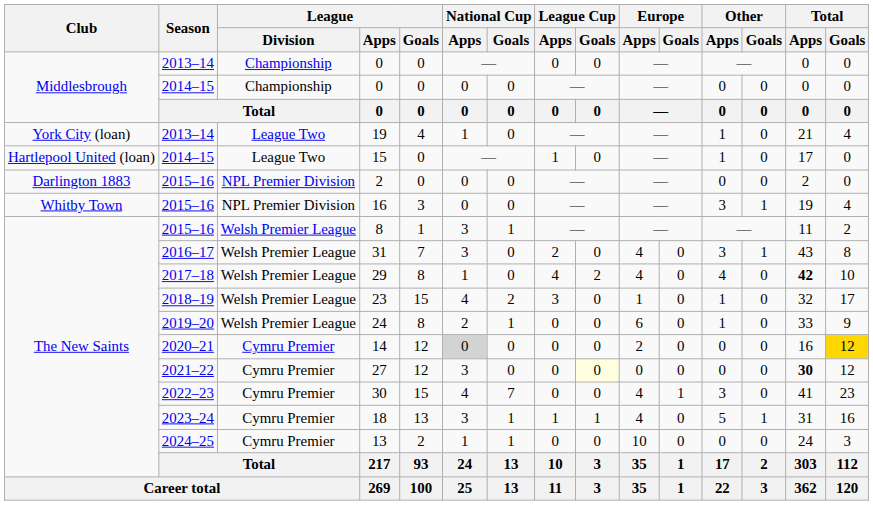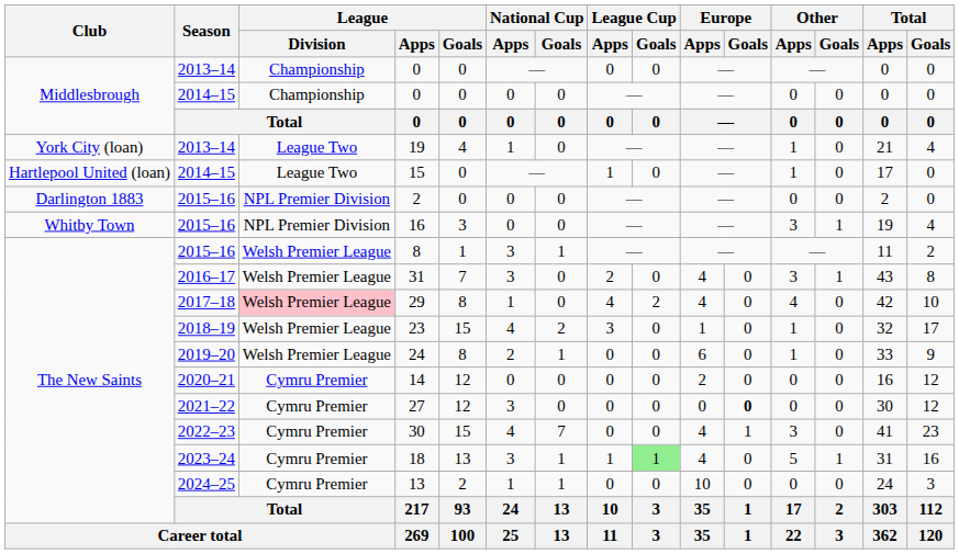 <table class=wikitable style="text-align: center">
 <tr>
 <th rowspan=2>Club</th>
 <th rowspan=2>Season</th>
 <th colspan=3>League</th>
 <th colspan=2>National Cup</th>
 <th colspan=2>League Cup</th>
 <th colspan=2>Europe</th>
 <th colspan=2>Other</th>
 <th colspan=2>Total</th>
 </tr>
 <tr>
 <th>Division</th>
 <th>Apps</th>
 <th>Goals</th>
 <th>Apps</th>
 <th>Goals</th>
 <th>Apps</th>
 <th>Goals</th>
 <th>Apps</th>
 <th>Goals</th>
 <th>Apps</th>
 <th>Goals</th>
 <th>Apps</th>
 <th>Goals</th>
 </tr>
 <tr>
 <td rowspan=3><a href='#'>Middlesbrough</a></td>
 <td><a href='#'>2013–14</a></td>
 <td><a href='#'>Championship</a></td>
 <td>0</td>
 <td>0</td>
 <td colspan=2>—</td>
 <td>0</td>
 <td>0</td>
 <td colspan=2>—</td>
 <td colspan=2>—</td>
 <td>0</td>
 <td>0</td>
 </tr>
 <tr>
 <td><a href='#'>2014–15</a></td>
 <td>Championship</td>
 <td>0</td>
 <td>0</td>
 <td>0</td>
 <td>0</td>
 <td colspan=2>—</td>
 <td colspan=2>—</td>
 <td>0</td>
 <td>0</td>
 <td>0</td>
 <td>0</td>
 </tr>
 <tr>
 <th colspan=2>Total</th>
 <th>0</th>
 <th>0</th>
 <th>0</th>
 <th>0</th>
 <th>0</th>
 <th>0</th>
 <th colspan=2>—</th>
 <th>0</th>
 <th>0</th>
 <th>0</th>
 <th>0</th>
 </tr>
 <tr>
 <td><a href='#'>York City</a> (loan)</td>
 <td><a href='#'>2013–14</a></td>
 <td><a href='#'>League Two</a></td>
 <td>19</td>
 <td>4</td>
 <td>1</td>
 <td>0</td>
 <td colspan=2>—</td>
 <td colspan=2>—</td>
 <td>1</td>
 <td>0</td>
 <td>21</td>
 <td>4</td>
 </tr>
 <tr>
 <td><a href='#'>Hartlepool United</a> (loan)</td>
 <td><a href='#'>2014–15</a></td>
 <td>League Two</td>
 <td>15</td>
 <td>0</td>
 <td colspan=2>—</td>
 <td>1</td>
 <td>0</td>
 <td colspan=2>—</td>
 <td>1</td>
 <td>0</td>
 <td>17</td>
 <td>0</td>
 </tr>
 <tr>
 <td><a href='#'>Darlington 1883</a></td>
 <td><a href='#'>2015–16</a></td>
 <td><a href='#'>NPL Premier Division</a></td>
 <td>2</td>
 <td>0</td>
 <td>0</td>
 <td>0</td>
 <td colspan=2>—</td>
 <td colspan=2>—</td>
 <td>0</td>
 <td>0</td>
 <td>2</td>
 <td>0</td>
 </tr>
 <tr>
 <td><a href='#'>Whitby Town</a></td>
 <td><a href='#'>2015–16</a></td>
 <td>NPL Premier Division</td>
 <td>16</td>
 <td>3</td>
 <td>0</td>
 <td>0</td>
 <td colspan=2>—</td>
 <td colspan=2>—</td>
 <td>3</td>
 <td>1</td>
 <td>19</td>
 <td>4</td>
 </tr>
 <tr>
 <td rowspan=11><a href='#'>The New Saints</a></td>
 <td><a href='#'>2015–16</a></td>
 <td><a href='#'>Welsh Premier League</a></td>
 <td>8</td>
 <td>1</td>
 <td>3</td>
 <td>1</td>
 <td colspan=2>—</td>
 <td colspan=2>—</td>
 <td colspan=2>—</td>
 <td>11</td>
 <td>2</td>
 </tr>
 <tr>
 <td><a href='#'>2016–17</a></td>
 <td>Welsh Premier League</td>
 <td>31</td>
 <td>7</td>
 <td>3</td>
 <td>0</td>
 <td>2</td>
 <td>0</td>
 <td>4</td>
 <td>0</td>
 <td>3</td>
 <td>1</td>
 <td>43</td>
 <td>8</td>
 </tr>
 <tr>
 <td><a href='#'>2017–18</a></td>
-<td>Welsh Premier League</td>
+<td style="background: pink;">Welsh Premier League</td>
 <td>29</td>
 <td>8</td>
 <td>1</td>
 <td>0</td>
 <td>4</td>
 <td>2</td>
 <td>4</td>
 <td>0</td>
 <td>4</td>
 <td>0</td>
-<td><strong>42</strong></td>
+<td>42</td>
 <td>10</td>
 </tr>
 <tr>
 <td><a href='#'>2018–19</a></td>
 <td>Welsh Premier League</td>
 <td>23</td>
 <td>15</td>
 <td>4</td>
 <td>2</td>
 <td>3</td>
 <td>0</td>
 <td>1</td>
 <td>0</td>
 <td>1</td>
 <td>0</td>
 <td>32</td>
 <td>17</td>
 </tr>
 <tr>
 <td><a href='#'>2019–20</a></td>
 <td>Welsh Premier League</td>
 <td>24</td>
 <td>8</td>
 <td>2</td>
 <td>1</td>
 <td>0</td>
 <td>0</td>
 <td>6</td>
 <td>0</td>
 <td>1</td>
 <td>0</td>
 <td>33</td>
 <td>9</td>
 </tr>
 <tr>
 <td><a href='#'>2020–21</a></td>
 <td><a href='#'>Cymru Premier</a></td>
 <td>14</td>
 <td>12</td>
-<td style="background: lightgrey;">0</td>
+<td>0</td>
 <td>0</td>
 <td>0</td>
 <td>0</td>
 <td>2</td>
 <td>0</td>
 <td>0</td>
 <td>0</td>
 <td>16</td>
-<td style="background: gold;">12</td>
+<td>12</td>
 </tr>
 <tr>
 <td><a href='#'>2021–22</a></td>
 <td>Cymru Premier</td>
 <td>27</td>
 <td>12</td>
 <td>3</td>
 <td>0</td>
 <td>0</td>
-<td style="background: lightyellow;">0</td>
 <td>0</td>
 <td>0</td>
+<td><strong>0</strong></td>
 <td>0</td>
 <td>0</td>
-<td><strong>30</strong></td>
+<td>30</td>
 <td>12</td>
 </tr>
 <tr>
 <td><a href='#'>2022–23</a></td>
 <td>Cymru Premier</td>
 <td>30</td>
 <td>15</td>
 <td>4</td>
 <td>7</td>
 <td>0</td>
 <td>0</td>
 <td>4</td>
 <td>1</td>
 <td>3</td>
 <td>0</td>
 <td>41</td>
 <td>23</td>
 </tr>
 <tr>
 <td><a href='#'>2023–24</a></td>
 <td>Cymru Premier</td>
 <td>18</td>
 <td>13</td>
 <td>3</td>
 <td>1</td>
 <td>1</td>
-<td>1</td>
+<td style="background: lightgreen;">1</td>
 <td>4</td>
 <td>0</td>
 <td>5</td>
 <td>1</td>
 <td>31</td>
 <td>16</td>
 </tr>
 <tr>
 <td><a href='#'>2024–25</a></td>
 <td>Cymru Premier</td>
 <td>13</td>
 <td>2</td>
 <td>1</td>
 <td>1</td>
 <td>0</td>
 <td>0</td>
 <td>10</td>
 <td>0</td>
 <td>0</td>
 <td>0</td>
 <td>24</td>
 <td>3</td>
 </tr>
 <tr>
 <th colspan=2>Total</th>
 <th>217</th>
 <th>93</th>
 <th>24</th>
 <th>13</th>
 <th>10</th>
 <th>3</th>
 <th>35</th>
 <th>1</th>
 <th>17</th>
 <th>2</th>
 <th>303</th>
 <th>112</th>
 </tr>
 <tr>
 <th colspan=3>Career total</th>
 <th>269</th>
 <th>100</th>
 <th>25</th>
 <th>13</th>
 <th>11</th>
 <th>3</th>
 <th>35</th>
 <th>1</th>
 <th>22</th>
 <th>3</th>
 <th>362</th>
 <th>120</th>
 </tr>
 </table>
